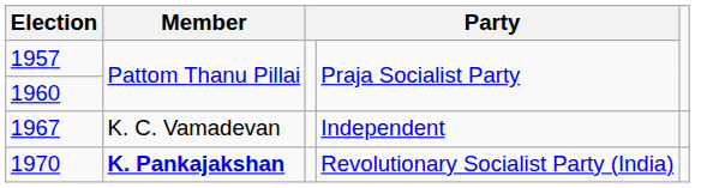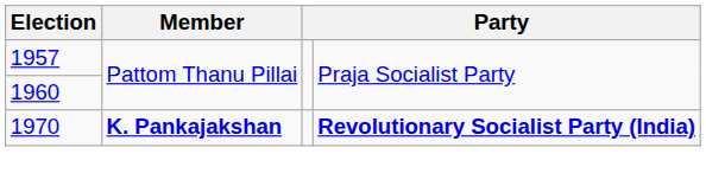 <table class="wikitable sortable">
 <tr>
 <th>Election</th>
 <th>Member</th>
 <th colspan="2">Party</th>
 </tr>
 <tr>
 <td><a href='#'>1957</a></td>
 <td rowspan="2"><a href='#'>Pattom Thanu Pillai</a></td>
 <td rowspan="2" style="background-color: "></td>
 <td rowspan="2"><a href='#'>Praja Socialist Party</a></td>
 </tr>
 <tr>
 <td><a href='#'>1960</a></td>
 </tr>
 <tr>
-<td><a href='#'>1967</a></td>
-<td>K. C. Vamadevan</td>
-<td style="background-color: "></td>
-<td><a href='#'>Independent</a></td>
-<td></td>
-</tr>
-<tr>
 <td><a href='#'>1970</a></td>
 <td><strong><a href='#'>K. Pankajakshan</a></strong></td>
 <td style="background-color: "></td>
-<td><a href='#'>Revolutionary Socialist Party (India)</a></td>
+<td><strong><a href='#'>Revolutionary Socialist Party (India)</a></strong></td>
 </tr>
 </table>
